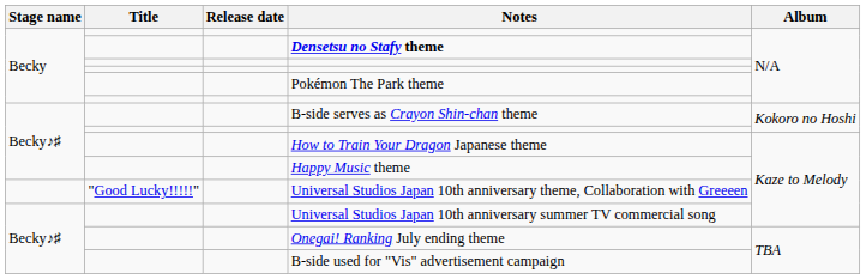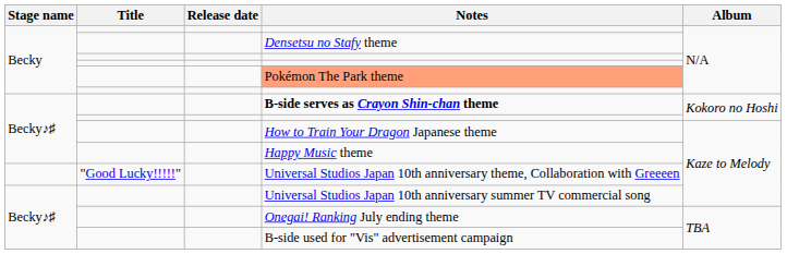 <table class="wikitable">
 <tr>
 <th>Stage name</th>
 <th>Title</th>
 <th>Release date</th>
 <th>Notes</th>
 <th>Album</th>
 </tr>
 <tr>
 <td rowspan="6">Becky</td>
 <td></td>
 <td></td>
 <td></td>
 <td rowspan="6">N/A</td>
 </tr>
 <tr>
 <td></td>
 <td></td>
-<td><strong><em><a href='#'>Densetsu no Stafy</a></em> theme</strong></td>
+<td><em><a href='#'>Densetsu no Stafy</a></em> theme</td>
 </tr>
 <tr>
 <td></td>
 <td></td>
 <td></td>
 </tr>
 <tr>
 <td></td>
 <td></td>
 <td></td>
 </tr>
 <tr>
 <td></td>
 <td></td>
-<td>Pokémon The Park theme</td>
+<td style="background: lightsalmon;">Pokémon The Park theme</td>
 </tr>
 <tr>
 <td></td>
 <td></td>
 <td></td>
 </tr>
 <tr>
 <td rowspan="4">Becky♪♯</td>
 <td></td>
 <td></td>
-<td>B-side serves as <em><a href='#'>Crayon Shin-chan</a></em> theme</td>
+<td><strong>B-side serves as <em><a href='#'>Crayon Shin-chan</a></em> theme</strong></td>
 <td rowspan="2"><em>Kokoro no Hoshi</em></td>
 </tr>
 <tr>
 <td></td>
 <td></td>
 <td></td>
 </tr>
 <tr>
 <td></td>
 <td></td>
 <td><em><a href='#'>How to Train Your Dragon</a></em> Japanese theme</td>
 <td rowspan="4"><em>Kaze to Melody</em></td>
 </tr>
 <tr>
 <td></td>
 <td></td>
 <td><em><a href='#'>Happy Music</a></em> theme</td>
 </tr>
 <tr>
 <td></td>
 <td>"<a href='#'>Good Lucky!!!!!</a>"</td>
 <td></td>
 <td><a href='#'>Universal Studios Japan</a> 10th anniversary theme, Collaboration with <a href='#'>Greeeen</a></td>
 </tr>
 <tr>
 <td rowspan="3">Becky♪♯</td>
 <td></td>
 <td></td>
 <td><a href='#'>Universal Studios Japan</a> 10th anniversary summer TV commercial song</td>
 </tr>
 <tr>
 <td></td>
 <td></td>
 <td><em><a href='#'>Onegai! Ranking</a></em> July ending theme</td>
 <td rowspan="2"><em>TBA</em></td>
 </tr>
 <tr>
 <td></td>
 <td></td>
 <td>B-side used for "Vis" advertisement campaign</td>
 </tr>
 </table>
